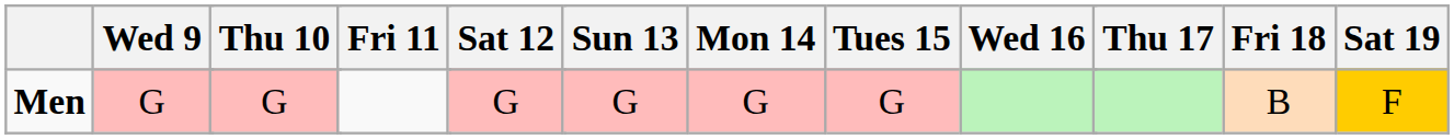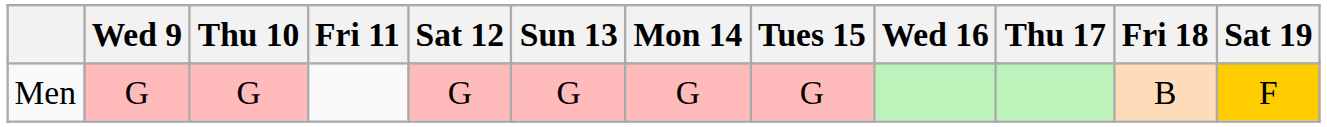 <table class="wikitable" style="margin:0.5em auto; font-size:90%; line-height:1.25em; text-align:center;">
 <tr style="text-align:center;">
 <th></th>
 <th colspan=2>Wed 9</th>
 <th colspan=2>Thu 10</th>
 <th colspan=2>Fri 11</th>
 <th colspan=2>Sat 12</th>
 <th colspan=2>Sun 13</th>
 <th colspan=2>Mon 14</th>
 <th colspan=2>Tues 15</th>
 <th colspan=2>Wed 16</th>
 <th colspan=2>Thu 17</th>
 <th colspan=2>Fri 18</th>
 <th colspan=2>Sat 19</th>
 </tr>
 <tr>
-<td style="text-align:left;"><strong>Men</strong></td>
+<td style="text-align:left;">Men</td>
 <td colspan="2" style="background-color:#FFBBBB;">G</td>
 <td colspan="2" style="background-color:#FFBBBB;">G</td>
 <td colspan=2></td>
 <td colspan="2" style="background-color:#FFBBBB;">G</td>
 <td colspan="2" style="background-color:#FFBBBB;">G</td>
 <td colspan="2" style="background-color:#FFBBBB;">G</td>
 <td colspan="2" style="background-color:#FFBBBB;">G</td>
 <td colspan="2" style="background-color:#BBF3BB;"></td>
 <td colspan="2" style="background-color:#BBF3BB;"></td>
 <td colspan="2" style="background-color:#FEDCBA;">B</td>
 <td colspan="2" style="background-color:#FFCC00;">F</td>
 </tr>
 </table>
